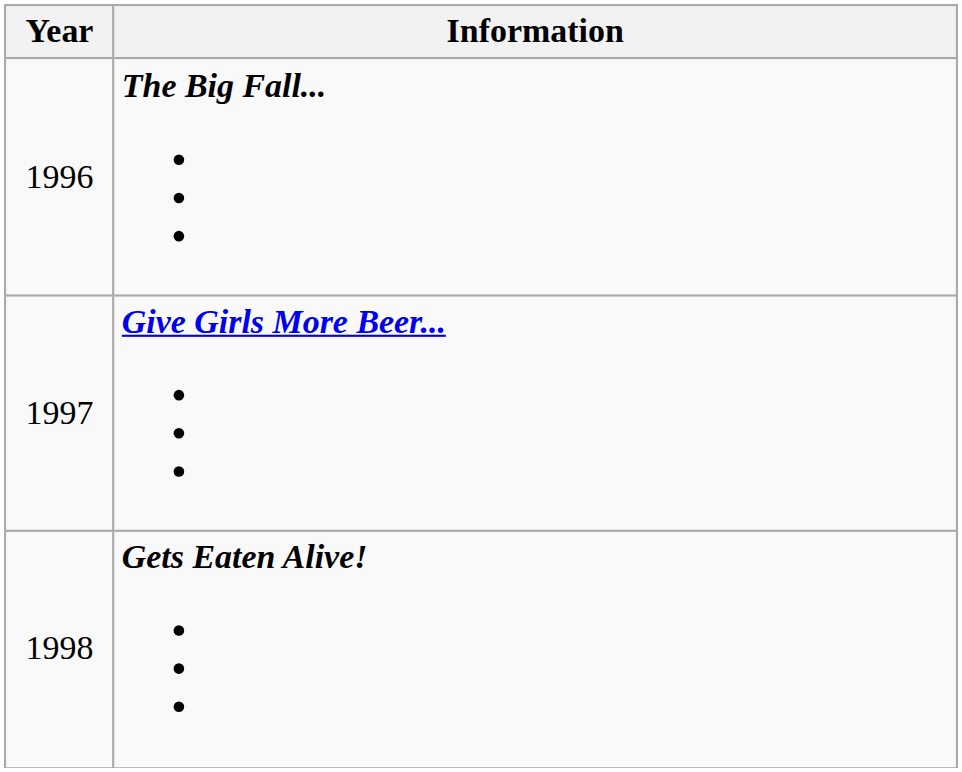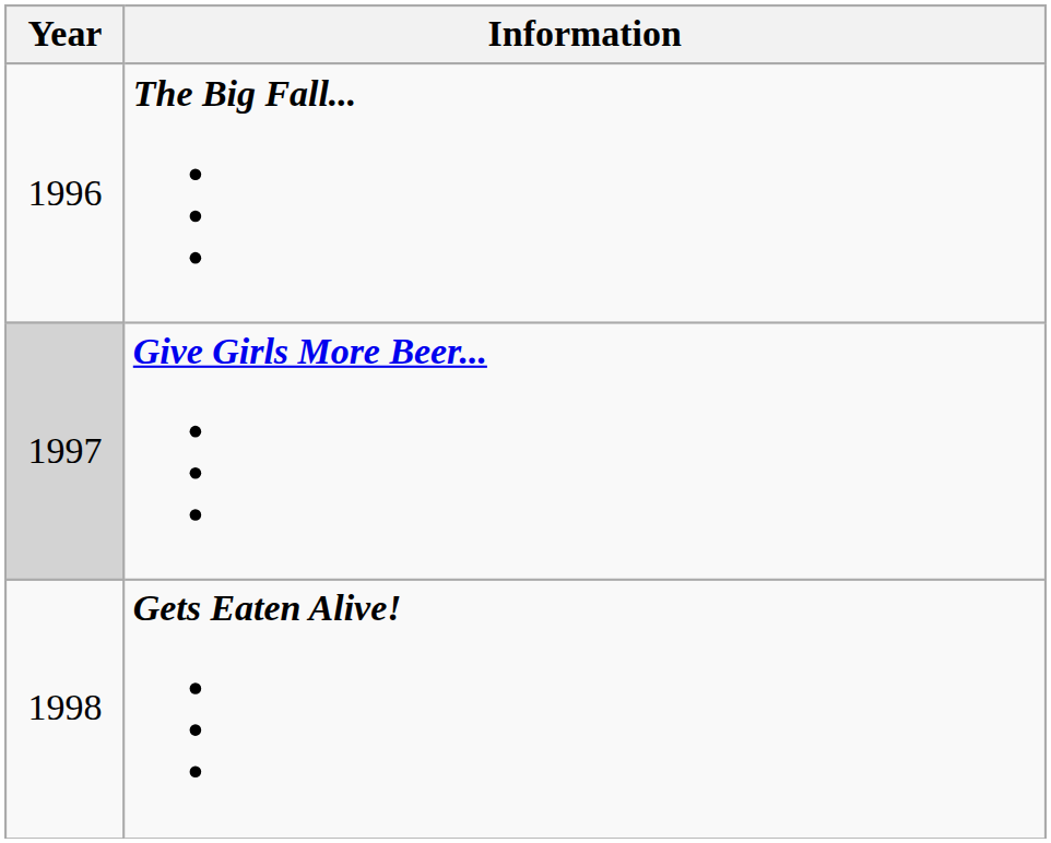 <table class="wikitable">
 <tr>
 <th rowspan="1" width="44">Year</th>
 <th rowspan="1" width="390">Information</th>
 </tr>
 <tr>
 <td align="center" width="44">1996</td>
 <td width="390"><strong><em>The Big Fall...</em></strong><br><ul><li></li><li></li><li></li></ul></td>
 </tr>
 <tr>
-<td align="center" width="44">1997</td>
+<td align="center" width="44" style="background: lightgrey;">1997</td>
 <td width="390"><strong><em><a href='#'>Give Girls More Beer...</a></em></strong><br><ul><li></li><li></li><li></li></ul></td>
 </tr>
 <tr>
 <td align="center" width="44">1998</td>
 <td width="390"><strong><em>Gets Eaten Alive!</em></strong><br><ul><li></li><li></li><li></li></ul></td>
 </tr>
 </table>
